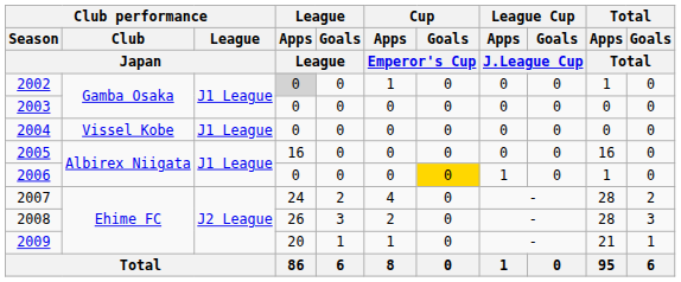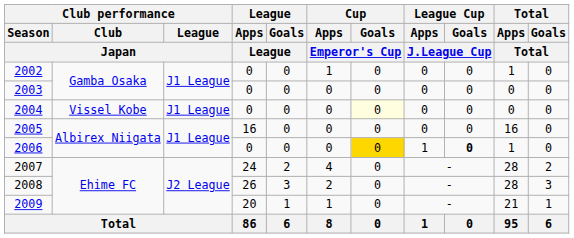 <table class="wikitable" style="text-align:center;">
 <tr>
 <th colspan=3>Club performance</th>
 <th colspan=2>League</th>
 <th colspan=2>Cup</th>
 <th colspan=2>League Cup</th>
 <th colspan=2>Total</th>
 </tr>
 <tr>
 <th>Season</th>
 <th>Club</th>
 <th>League</th>
 <th>Apps</th>
 <th>Goals</th>
 <th>Apps</th>
 <th>Goals</th>
 <th>Apps</th>
 <th>Goals</th>
 <th>Apps</th>
 <th>Goals</th>
 </tr>
 <tr>
 <th colspan=3>Japan</th>
 <th colspan=2>League</th>
 <th colspan=2><a href='#'>Emperor's Cup</a></th>
 <th colspan=2><a href='#'>J.League Cup</a></th>
 <th colspan=2>Total</th>
 </tr>
 <tr>
 <td><a href='#'>2002</a></td>
 <td rowspan="2"><a href='#'>Gamba Osaka</a></td>
 <td rowspan="2"><a href='#'>J1 League</a></td>
-<td style="background: lightgrey;">0</td>
+<td>0</td>
 <td>0</td>
 <td>1</td>
 <td>0</td>
 <td>0</td>
 <td>0</td>
 <td>1</td>
 <td>0</td>
 </tr>
 <tr>
 <td><a href='#'>2003</a></td>
 <td>0</td>
 <td>0</td>
 <td>0</td>
 <td>0</td>
 <td>0</td>
 <td>0</td>
 <td>0</td>
 <td>0</td>
 </tr>
 <tr>
 <td><a href='#'>2004</a></td>
 <td><a href='#'>Vissel Kobe</a></td>
 <td><a href='#'>J1 League</a></td>
 <td>0</td>
 <td>0</td>
 <td>0</td>
-<td>0</td>
+<td style="background: lightyellow;">0</td>
 <td>0</td>
 <td>0</td>
 <td>0</td>
 <td>0</td>
 </tr>
 <tr>
 <td><a href='#'>2005</a></td>
 <td rowspan="2"><a href='#'>Albirex Niigata</a></td>
 <td rowspan="2"><a href='#'>J1 League</a></td>
 <td>16</td>
 <td>0</td>
 <td>0</td>
 <td>0</td>
 <td>0</td>
 <td>0</td>
 <td>16</td>
 <td>0</td>
 </tr>
 <tr>
 <td><a href='#'>2006</a></td>
 <td>0</td>
 <td>0</td>
 <td>0</td>
 <td style="background: gold;">0</td>
 <td>1</td>
-<td>0</td>
+<td><strong>0</strong></td>
 <td>1</td>
 <td>0</td>
 </tr>
 <tr>
 <td>2007</td>
 <td rowspan="3"><a href='#'>Ehime FC</a></td>
 <td rowspan="3"><a href='#'>J2 League</a></td>
 <td>24</td>
 <td>2</td>
 <td>4</td>
 <td>0</td>
 <td colspan="2">-</td>
 <td>28</td>
 <td>2</td>
 </tr>
 <tr>
 <td>2008</td>
 <td>26</td>
 <td>3</td>
 <td>2</td>
 <td>0</td>
 <td colspan="2">-</td>
 <td>28</td>
 <td>3</td>
 </tr>
 <tr>
 <td><a href='#'>2009</a></td>
 <td>20</td>
 <td>1</td>
 <td>1</td>
 <td>0</td>
 <td colspan="2">-</td>
 <td>21</td>
 <td>1</td>
 </tr>
 <tr>
 <th colspan=3>Total</th>
 <th>86</th>
 <th>6</th>
 <th>8</th>
 <th>0</th>
 <th>1</th>
 <th>0</th>
 <th>95</th>
 <th>6</th>
 </tr>
 </table>
